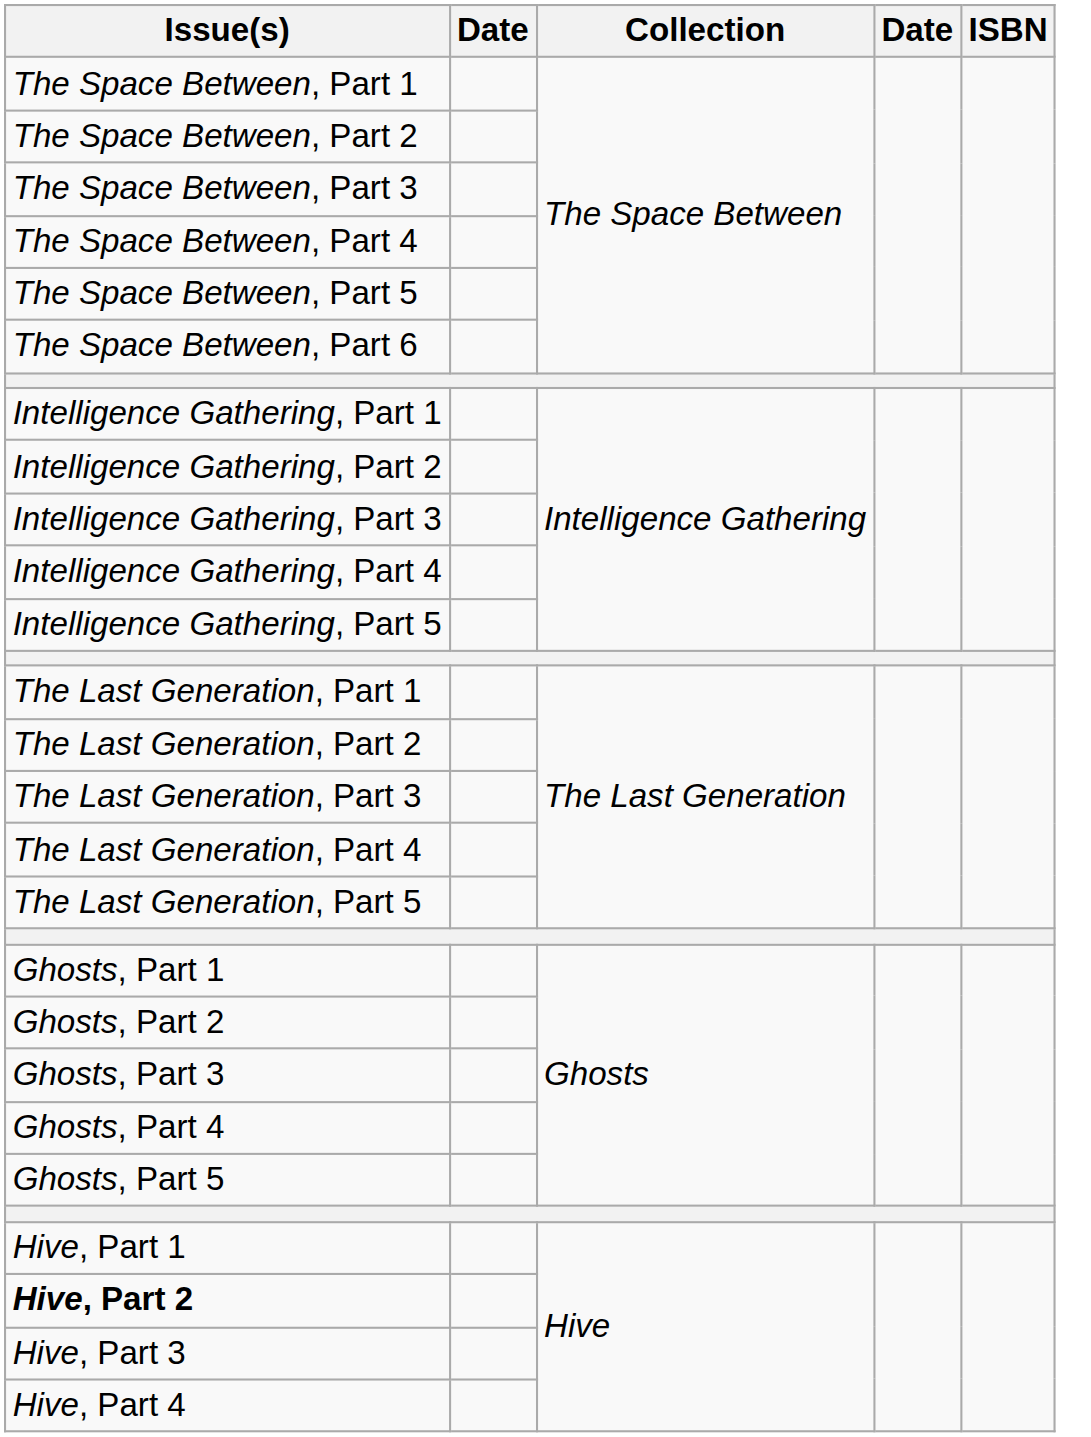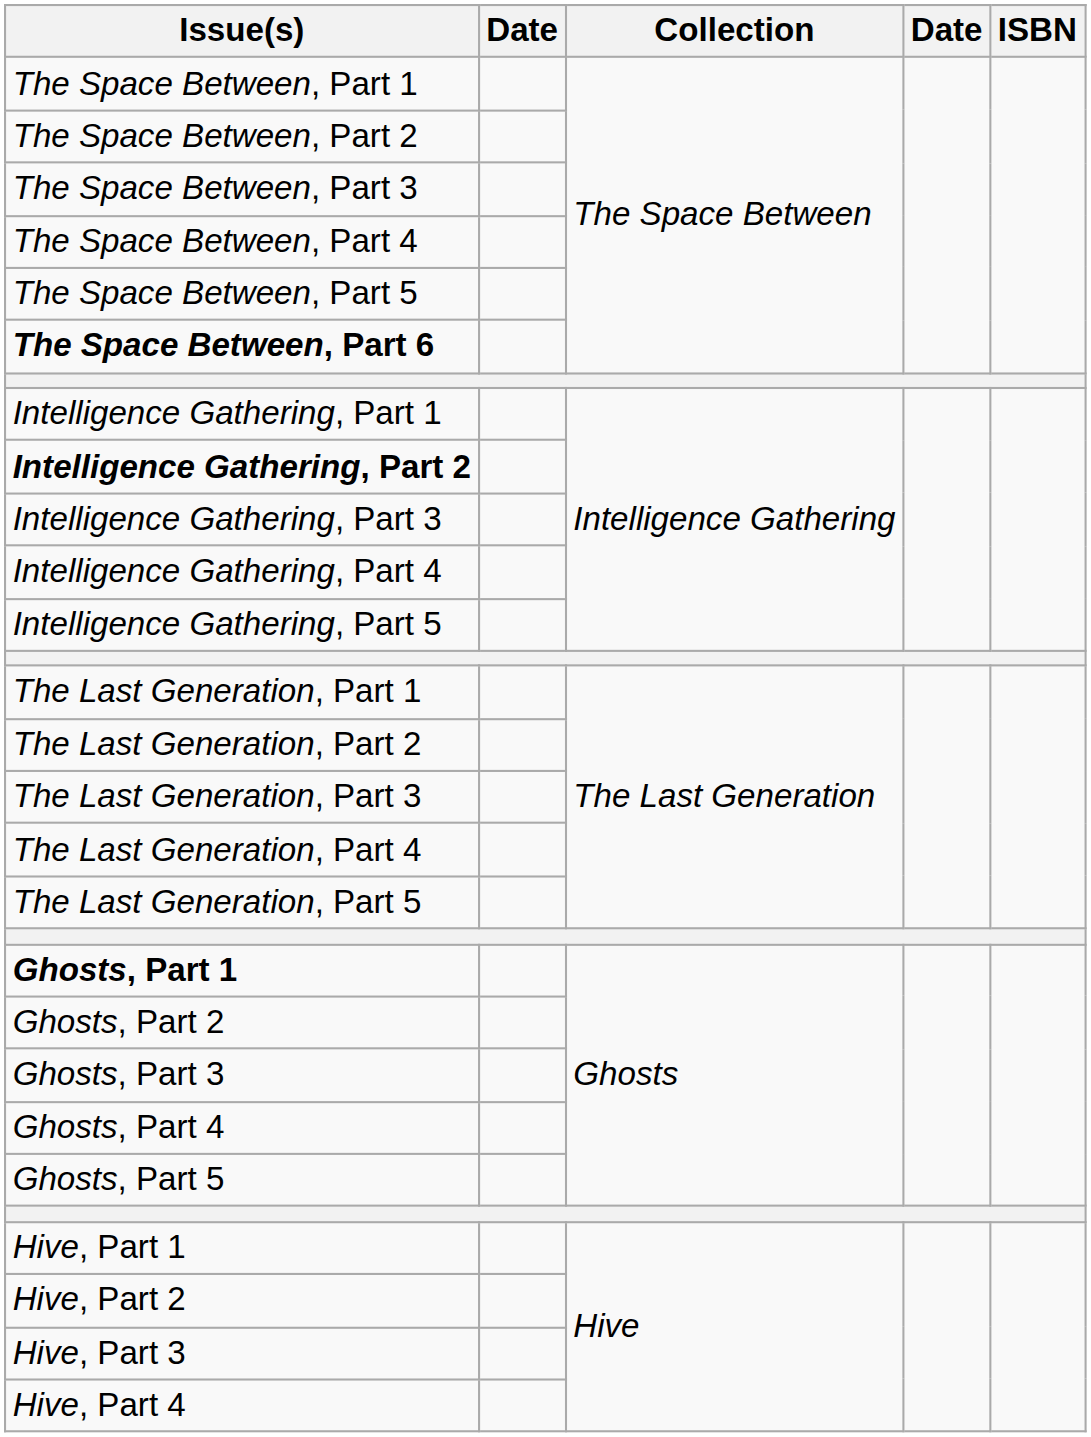 <table class="wikitable">
 <tr>
 <th>Issue(s)</th>
 <th>Date</th>
 <th>Collection</th>
 <th>Date</th>
 <th>ISBN</th>
 </tr>
 <tr>
 <td><em>The Space Between</em>, Part 1</td>
 <td></td>
 <td rowspan="6"><em>The Space Between</em></td>
 <td rowspan="6"></td>
 <td rowspan="6"></td>
 </tr>
 <tr>
 <td><em>The Space Between</em>, Part 2</td>
 <td></td>
 </tr>
 <tr>
 <td><em>The Space Between</em>, Part 3</td>
 <td></td>
 </tr>
 <tr>
 <td><em>The Space Between</em>, Part 4</td>
 <td></td>
 </tr>
 <tr>
 <td><em>The Space Between</em>, Part 5</td>
 <td></td>
 </tr>
 <tr>
-<td><em>The Space Between</em>, Part 6</td>
+<td><strong><em>The Space Between</em>, Part 6</strong></td>
 <td></td>
 </tr>
 <tr>
 <th colspan="5"></th>
 </tr>
 <tr>
 <td><em>Intelligence Gathering</em>, Part 1</td>
 <td></td>
 <td rowspan="5"><em>Intelligence Gathering</em></td>
 <td rowspan="5"></td>
 <td rowspan="5"></td>
 </tr>
 <tr>
-<td><em>Intelligence Gathering</em>, Part 2</td>
+<td><strong><em>Intelligence Gathering</em>, Part 2</strong></td>
 <td></td>
 </tr>
 <tr>
 <td><em>Intelligence Gathering</em>, Part 3</td>
 <td></td>
 </tr>
 <tr>
 <td><em>Intelligence Gathering</em>, Part 4</td>
 <td></td>
 </tr>
 <tr>
 <td><em>Intelligence Gathering</em>, Part 5</td>
 <td></td>
 </tr>
 <tr>
 <th colspan="5"></th>
 </tr>
 <tr>
 <td><em>The Last Generation</em>, Part 1</td>
 <td></td>
 <td rowspan="5"><em>The Last Generation</em></td>
 <td rowspan="5"></td>
 <td rowspan="5"></td>
 </tr>
 <tr>
 <td><em>The Last Generation</em>, Part 2</td>
 <td></td>
 </tr>
 <tr>
 <td><em>The Last Generation</em>, Part 3</td>
 <td></td>
 </tr>
 <tr>
 <td><em>The Last Generation</em>, Part 4</td>
 <td></td>
 </tr>
 <tr>
 <td><em>The Last Generation</em>, Part 5</td>
 <td></td>
 </tr>
 <tr>
 <th colspan="5"></th>
 </tr>
 <tr>
-<td><em>Ghosts</em>, Part 1</td>
+<td><strong><em>Ghosts</em>, Part 1</strong></td>
 <td></td>
 <td rowspan="5"><em>Ghosts</em></td>
 <td rowspan="5"></td>
 <td rowspan="5"></td>
 </tr>
 <tr>
 <td><em>Ghosts</em>, Part 2</td>
 <td></td>
 </tr>
 <tr>
 <td><em>Ghosts</em>, Part 3</td>
 <td></td>
 </tr>
 <tr>
 <td><em>Ghosts</em>, Part 4</td>
 <td></td>
 </tr>
 <tr>
 <td><em>Ghosts</em>, Part 5</td>
 <td></td>
 </tr>
 <tr>
 <th colspan="5"></th>
 </tr>
 <tr>
 <td><em>Hive</em>, Part 1</td>
 <td></td>
 <td rowspan="4"><em>Hive</em></td>
 <td rowspan="4"></td>
 <td rowspan="4"></td>
 </tr>
 <tr>
-<td><strong><em>Hive</em>, Part 2</strong></td>
+<td><em>Hive</em>, Part 2</td>
 <td></td>
 </tr>
 <tr>
 <td><em>Hive</em>, Part 3</td>
 <td></td>
 </tr>
 <tr>
 <td><em>Hive</em>, Part 4</td>
 <td></td>
 </tr>
 </table>
